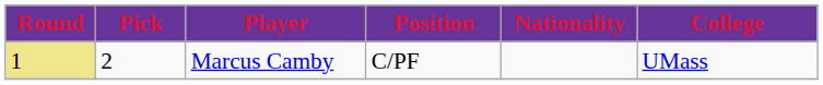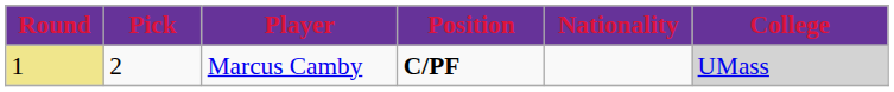 <table class="wikitable sortable sortable">
 <tr>
 <th style="background:#663399;color:#DC143C;" width="10%">Round</th>
 <th style="background:#663399;color:#DC143C;" width="10%">Pick</th>
 <th style="background:#663399;color:#DC143C;" width="20%">Player</th>
 <th style="background:#663399;color:#DC143C;" width="15%">Position</th>
 <th style="background:#663399;color:#DC143C;" width="15%">Nationality</th>
 <th style="background:#663399;color:#DC143C;" width="20%">College</th>
 </tr>
 <tr>
 <td style="background: khaki;">1</td>
 <td>2</td>
 <td><a href='#'>Marcus Camby</a></td>
-<td>C/PF</td>
+<td><strong>C/PF</strong></td>
 <td></td>
-<td><a href='#'>UMass</a></td>
+<td style="background: lightgrey;"><a href='#'>UMass</a></td>
 </tr>
 <tr>
 </tr>
 </table>
